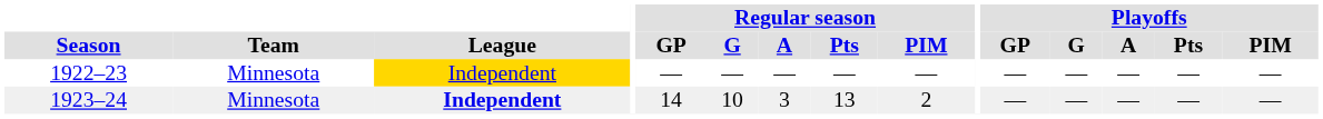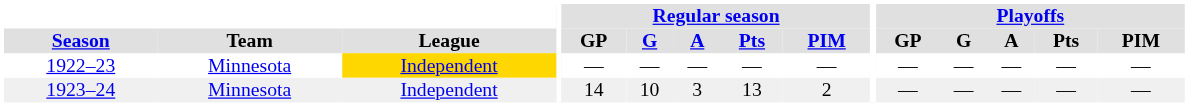 <table border="0" cellpadding="1" cellspacing="0" style="text-align:center; width:60em">
 <tr bgcolor="#e0e0e0">
 <th colspan="3" bgcolor="#ffffff"></th>
 <th rowspan="100" bgcolor="#ffffff"></th>
 <th colspan="5"><a href='#'>Regular season</a></th>
 <th rowspan="100" bgcolor="#ffffff"></th>
 <th colspan="5"><a href='#'>Playoffs</a></th>
 </tr>
 <tr bgcolor="#e0e0e0">
 <th><a href='#'>Season</a></th>
 <th>Team</th>
 <th>League</th>
 <th>GP</th>
 <th><a href='#'>G</a></th>
 <th><a href='#'>A</a></th>
 <th><a href='#'>Pts</a></th>
 <th><a href='#'>PIM</a></th>
 <th>GP</th>
 <th>G</th>
 <th>A</th>
 <th>Pts</th>
 <th>PIM</th>
 </tr>
 <tr>
 <td><a href='#'>1922–23</a></td>
 <td><a href='#'>Minnesota</a></td>
 <td style="background: gold;"><a href='#'>Independent</a></td>
 <td>—</td>
 <td>—</td>
 <td>—</td>
 <td>—</td>
 <td>—</td>
 <td>—</td>
 <td>—</td>
 <td>—</td>
 <td>—</td>
 <td>—</td>
 </tr>
 <tr bgcolor="f0f0f0">
 <td><a href='#'>1923–24</a></td>
 <td><a href='#'>Minnesota</a></td>
-<td><strong><a href='#'>Independent</a></strong></td>
+<td><a href='#'>Independent</a></td>
 <td>14</td>
 <td>10</td>
 <td>3</td>
 <td>13</td>
 <td>2</td>
 <td>—</td>
 <td>—</td>
 <td>—</td>
 <td>—</td>
 <td>—</td>
 </tr>
 <tr>
 </tr>
 </table>
